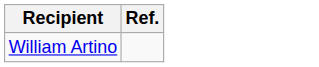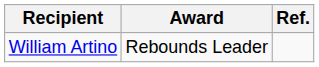 <table class="wikitable">
 <tr>
 <th>Recipient</th>
+<th>Award</th>
 <th>Ref.</th>
 </tr>
 <tr>
 <td><a href='#'>William Artino</a></td>
+<td>Rebounds Leader</td>
 <td></td>
 </tr>
 </table>
